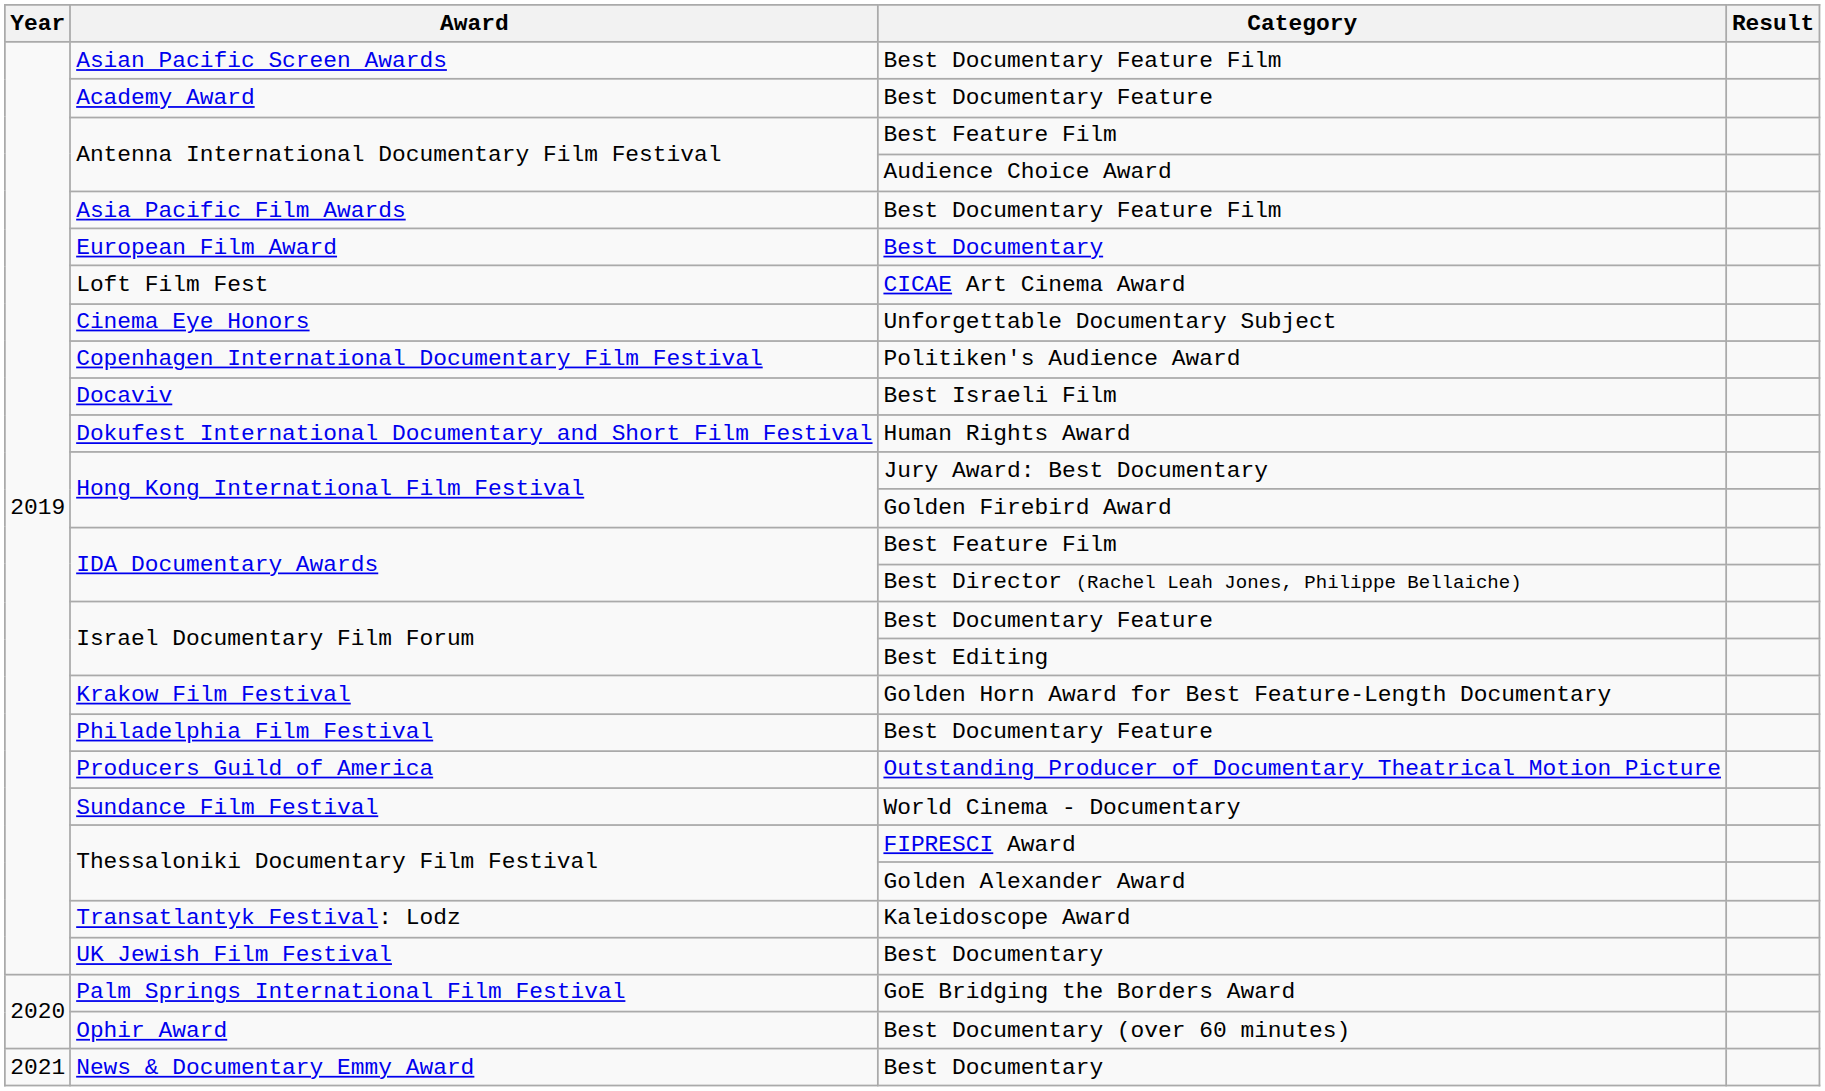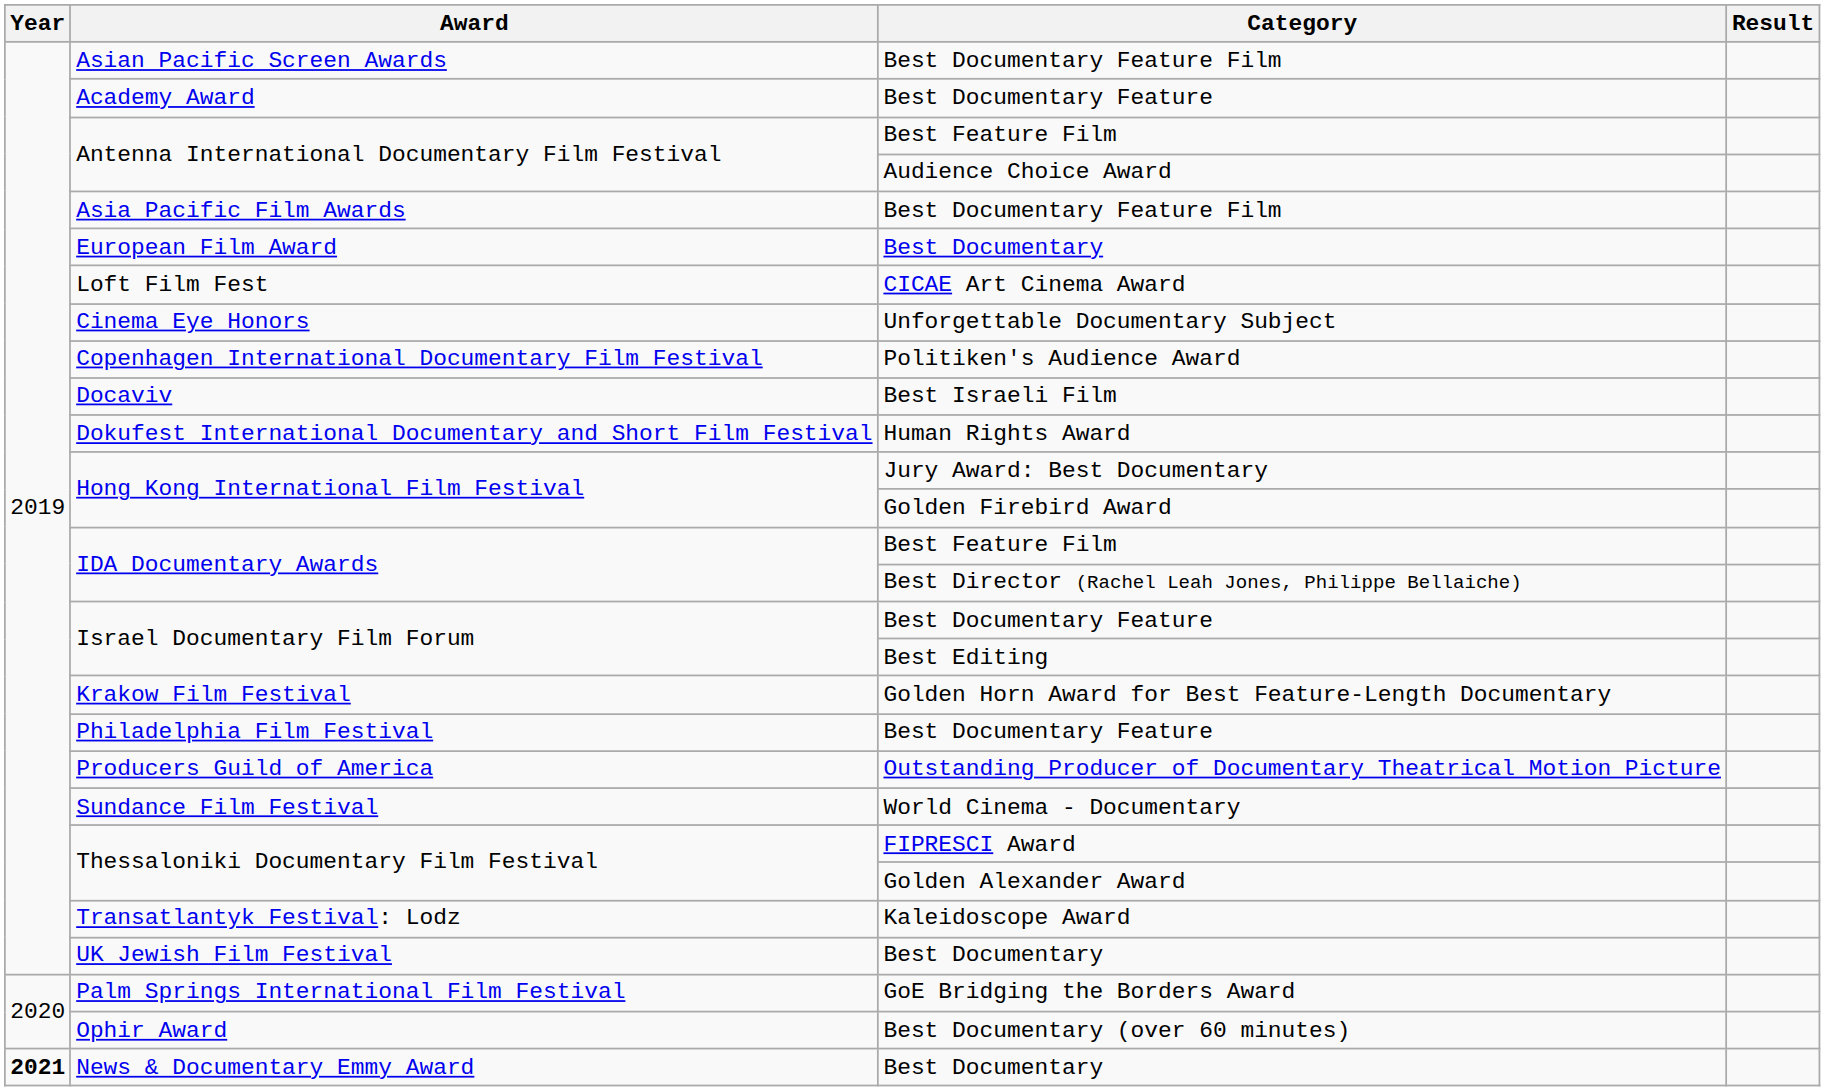 <table class="wikitable">
 <tr>
 <th>Year</th>
 <th>Award</th>
 <th>Category</th>
 <th>Result</th>
 </tr>
 <tr>
 <td rowspan="25">2019</td>
 <td><a href='#'>Asian Pacific Screen Awards</a></td>
 <td>Best Documentary Feature Film</td>
 <td></td>
 </tr>
 <tr>
 <td><a href='#'>Academy Award</a></td>
 <td>Best Documentary Feature</td>
 <td></td>
 </tr>
 <tr>
 <td rowspan="2">Antenna International Documentary Film Festival</td>
 <td>Best Feature Film</td>
 <td></td>
 </tr>
 <tr>
 <td>Audience Choice Award</td>
 <td></td>
 </tr>
 <tr>
 <td><a href='#'>Asia Pacific Film Awards</a></td>
 <td>Best Documentary Feature Film</td>
 <td></td>
 </tr>
 <tr>
 <td><a href='#'>European Film Award</a></td>
 <td><a href='#'>Best Documentary</a></td>
 <td></td>
 </tr>
 <tr>
 <td>Loft Film Fest</td>
 <td><a href='#'>CICAE</a> Art Cinema Award</td>
 <td></td>
 </tr>
 <tr>
 <td><a href='#'>Cinema Eye Honors</a></td>
 <td>Unforgettable Documentary Subject</td>
 <td></td>
 </tr>
 <tr>
 <td><a href='#'>Copenhagen International Documentary Film Festival</a></td>
 <td>Politiken's Audience Award</td>
 <td></td>
 </tr>
 <tr>
 <td><a href='#'>Docaviv</a></td>
 <td>Best Israeli Film</td>
 <td></td>
 </tr>
 <tr>
 <td><a href='#'>Dokufest International Documentary and Short Film Festival</a></td>
 <td>Human Rights Award</td>
 <td></td>
 </tr>
 <tr>
 <td rowspan="2"><a href='#'>Hong Kong International Film Festival</a></td>
 <td>Jury Award: Best Documentary</td>
 <td></td>
 </tr>
 <tr>
 <td>Golden Firebird Award</td>
 <td></td>
 </tr>
 <tr>
 <td rowspan="2"><a href='#'>IDA Documentary Awards</a></td>
 <td>Best Feature Film</td>
 <td></td>
 </tr>
 <tr>
 <td>Best Director <small>(Rachel Leah Jones, Philippe Bellaiche)</small></td>
 <td></td>
 </tr>
 <tr>
 <td rowspan="2">Israel Documentary Film Forum</td>
 <td>Best Documentary Feature</td>
 <td></td>
 </tr>
 <tr>
 <td>Best Editing</td>
 <td></td>
 </tr>
 <tr>
 <td><a href='#'>Krakow Film Festival</a></td>
 <td>Golden Horn Award for Best Feature-Length Documentary</td>
 <td></td>
 </tr>
 <tr>
 <td><a href='#'>Philadelphia Film Festival</a></td>
 <td>Best Documentary Feature</td>
 <td></td>
 </tr>
 <tr>
 <td><a href='#'>Producers Guild of America</a></td>
 <td><a href='#'>Outstanding Producer of Documentary Theatrical Motion Picture</a></td>
 <td></td>
 </tr>
 <tr>
 <td><a href='#'>Sundance Film Festival</a></td>
 <td>World Cinema - Documentary</td>
 <td></td>
 </tr>
 <tr>
 <td rowspan="2">Thessaloniki Documentary Film Festival</td>
 <td><a href='#'>FIPRESCI</a> Award</td>
 <td></td>
 </tr>
 <tr>
 <td>Golden Alexander Award</td>
 <td></td>
 </tr>
 <tr>
 <td><a href='#'>Transatlantyk Festival</a>: Lodz</td>
 <td>Kaleidoscope Award</td>
 <td></td>
 </tr>
 <tr>
 <td><a href='#'>UK Jewish Film Festival</a></td>
 <td>Best Documentary</td>
 <td></td>
 </tr>
 <tr>
 <td rowspan="2">2020</td>
 <td><a href='#'>Palm Springs International Film Festival</a></td>
 <td>GoE Bridging the Borders Award</td>
 <td></td>
 </tr>
 <tr>
 <td><a href='#'>Ophir Award</a></td>
 <td>Best Documentary (over 60 minutes)</td>
 <td></td>
 </tr>
 <tr>
-<td>2021</td>
+<td><strong>2021</strong></td>
 <td><a href='#'>News & Documentary Emmy Award</a></td>
 <td>Best Documentary</td>
 <td></td>
 </tr>
 </table>
